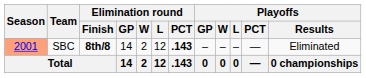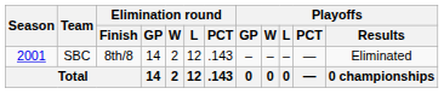 <table class="wikitable" style="text-align:center">
 <tr>
 <th rowspan="2">Season</th>
 <th rowspan="2">Team</th>
 <th colspan="5">Elimination round</th>
 <th colspan="5">Playoffs</th>
 </tr>
 <tr>
 <th>Finish</th>
 <th>GP</th>
 <th>W</th>
 <th>L</th>
 <th>PCT</th>
 <th>GP</th>
 <th>W</th>
 <th>L</th>
 <th>PCT</th>
 <th>Results</th>
 </tr>
 <tr>
-<td style="background: lightsalmon;"><a href='#'>2001</a></td>
+<td><a href='#'>2001</a></td>
 <td>SBC</td>
-<td><strong>8th/8</strong></td>
+<td>8th/8</td>
 <td>14</td>
 <td>2</td>
 <td>12</td>
-<td><strong>.143</strong></td>
+<td>.143</td>
 <td>–</td>
 <td>–</td>
 <td>–</td>
 <td>—</td>
 <td>Eliminated</td>
 </tr>
 <tr>
 <th colspan="3">Total</th>
 <th>14</th>
 <th>2</th>
 <th>12</th>
 <th>.143</th>
 <th>0</th>
 <th>0</th>
 <th>0</th>
 <th>—</th>
 <th>0 championships</th>
 </tr>
 </table>
